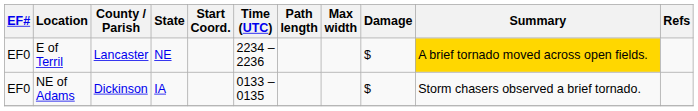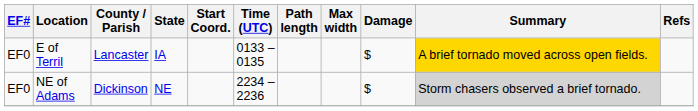 <table class="wikitable sortable" style="width:100%;">
 <tr>
 <th scope="col" width="3%" align="center"><a href='#'>EF#</a></th>
 <th scope="col" width="7%" align="center" class="unsortable">Location</th>
 <th scope="col" width="6%" align="center" class="unsortable">County / Parish</th>
 <th scope="col" width="5%" align="center">State</th>
 <th scope="col" width="6%" align="center">Start Coord.</th>
 <th scope="col" width="6%" align="center">Time (<a href='#'>UTC</a>)</th>
 <th scope="col" width="6%" align="center">Path length</th>
 <th scope="col" width="6%" align="center">Max width</th>
 <th scope="col" width="6%" align="center">Damage</th>
 <th scope="col" width="48%" class="unsortable" align="center">Summary</th>
 <th scope="col" width="48%" class="unsortable" align="center">Refs</th>
 </tr>
 <tr>
 <td>EF0</td>
 <td>E of <a href='#'>Terril</a></td>
 <td><a href='#'>Lancaster</a></td>
-<td><a href='#'>NE</a></td>
+<td><a href='#'>IA</a></td>
 <td></td>
-<td>2234 – 2236</td>
+<td>0133 – 0135</td>
 <td></td>
 <td></td>
 <td>$</td>
 <td style="background: gold;">A brief tornado moved across open fields.</td>
 <td></td>
 </tr>
 <tr>
 <td>EF0</td>
 <td>NE of <a href='#'>Adams</a></td>
 <td><a href='#'>Dickinson</a></td>
-<td><a href='#'>IA</a></td>
+<td><a href='#'>NE</a></td>
 <td></td>
-<td>0133 – 0135</td>
+<td>2234 – 2236</td>
 <td></td>
 <td></td>
 <td>$</td>
-<td>Storm chasers observed a brief tornado.</td>
+<td style="background: lightgrey;">Storm chasers observed a brief tornado.</td>
 <td></td>
 </tr>
 <tr>
 </tr>
 </table>
